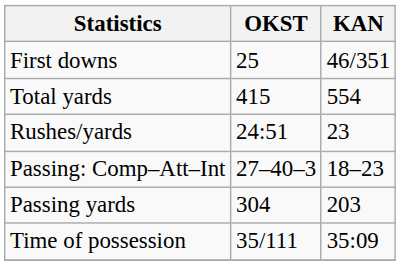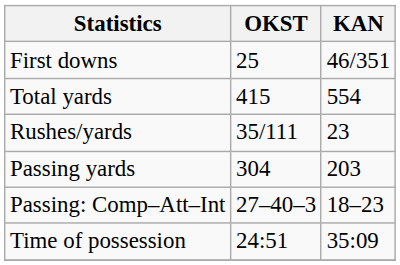 <table class="wikitable" style="float: left;">
 <tr>
 <th>Statistics</th>
 <th>OKST</th>
 <th>KAN</th>
 </tr>
 <tr>
 <td>First downs</td>
 <td>25</td>
 <td>46/351</td>
 </tr>
 <tr>
 <td>Total yards</td>
 <td>415</td>
 <td>554</td>
 </tr>
 <tr>
 <td>Rushes/yards</td>
-<td>24:51</td>
+<td>35/111</td>
 <td>23</td>
+</tr>
+<tr>
+<td>Passing yards</td>
+<td>304</td>
+<td>203</td>
 </tr>
 <tr>
 <td>Passing: Comp–Att–Int</td>
 <td>27–40–3</td>
 <td>18–23</td>
 </tr>
 <tr>
-<td>Passing yards</td>
-<td>304</td>
-<td>203</td>
-</tr>
-<tr>
 <td>Time of possession</td>
-<td>35/111</td>
+<td>24:51</td>
 <td>35:09</td>
 </tr>
 <tr>
 </tr>
 </table>
